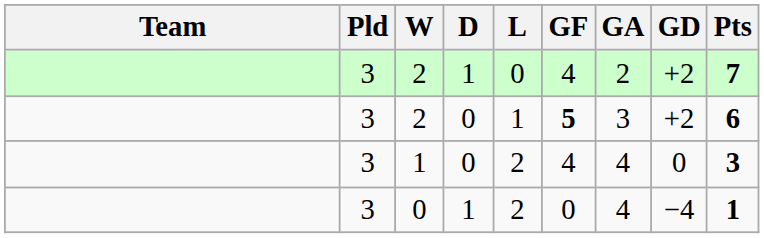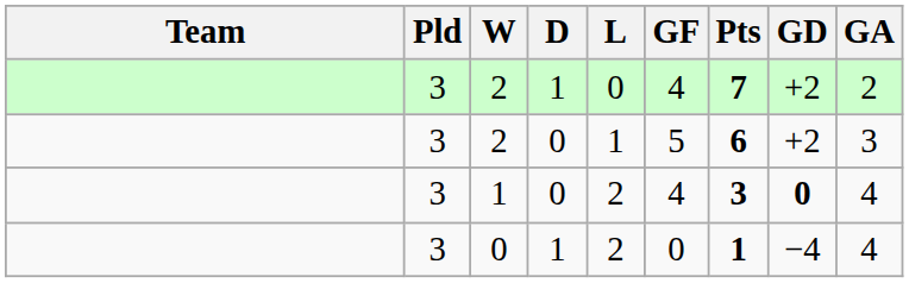 <table class="wikitable" style="text-align:center;">
 <tr>
 <th width=180>Team</th>
 <th width=20>Pld</th>
 <th width=20>W</th>
 <th width=20>D</th>
 <th width=20>L</th>
 <th width=20>GF</th>
+<th width=20>Pts</th>
+<th width=20>GD</th>
 <th width=20>GA</th>
-<th width=20>GD</th>
-<th width=20>Pts</th>
 </tr>
 <tr bgcolor="#ccffcc">
 <td align="left"></td>
 <td>3</td>
 <td>2</td>
 <td>1</td>
 <td>0</td>
 <td>4</td>
+<td><strong>7</strong></td>
+<td>+2</td>
 <td>2</td>
-<td>+2</td>
-<td><strong>7</strong></td>
 </tr>
 <tr>
 <td align="left"></td>
 <td>3</td>
 <td>2</td>
 <td>0</td>
 <td>1</td>
-<td><strong>5</strong></td>
+<td>5</td>
+<td><strong>6</strong></td>
+<td>+2</td>
 <td>3</td>
-<td>+2</td>
-<td><strong>6</strong></td>
 </tr>
 <tr>
 <td align="left"><em></em></td>
 <td>3</td>
 <td>1</td>
 <td>0</td>
 <td>2</td>
 <td>4</td>
+<td><strong>3</strong></td>
+<td><strong>0</strong></td>
 <td>4</td>
-<td>0</td>
-<td><strong>3</strong></td>
 </tr>
 <tr>
 <td align="left"></td>
 <td>3</td>
 <td>0</td>
 <td>1</td>
 <td>2</td>
 <td>0</td>
+<td><strong>1</strong></td>
+<td>−4</td>
 <td>4</td>
-<td>−4</td>
-<td><strong>1</strong></td>
 </tr>
 </table>
